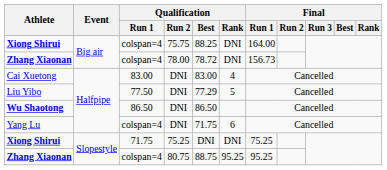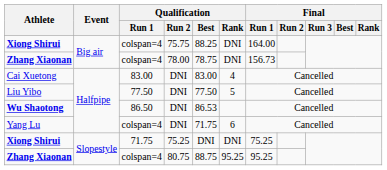 <table class=wikitable style=font-size:90%;text-align:center>
 <tr>
 <th rowspan=2>Athlete</th>
 <th rowspan=2>Event</th>
 <th colspan=4>Qualification</th>
 <th colspan=5>Final</th>
 </tr>
 <tr style=font-size:95%>
 <th>Run 1</th>
 <th>Run 2</th>
 <th>Best</th>
 <th>Rank</th>
 <th>Run 1</th>
 <th>Run 2</th>
 <th>Run 3</th>
 <th>Best</th>
 <th>Rank</th>
 </tr>
 <tr align=center>
 <td align=left><strong><a href='#'>Xiong Shirui</a></strong></td>
 <td align=left rowspan=2><a href='#'>Big air</a></td>
 <td>colspan=4 </td>
 <td>75.75</td>
 <td>88.25</td>
 <td>DNI</td>
 <td>164.00</td>
 <td></td>
 </tr>
 <tr align=center>
 <td align=left><strong><a href='#'>Zhang Xiaonan</a></strong></td>
 <td>colspan=4 </td>
 <td>78.00</td>
-<td>78.72</td>
+<td>78.75</td>
 <td>DNI</td>
 <td>156.73</td>
 <td></td>
 </tr>
 <tr align=center>
 <td align=left><a href='#'>Cai Xuetong</a></td>
 <td align=left rowspan=4><a href='#'>Halfpipe</a></td>
 <td>83.00</td>
 <td>DNI</td>
 <td>83.00</td>
 <td>4</td>
 <td colspan=5>Cancelled</td>
 </tr>
 <tr align=center>
 <td align=left><a href='#'>Liu Yibo</a></td>
 <td>77.50</td>
 <td>DNI</td>
-<td>77.29</td>
+<td>77.50</td>
 <td>5</td>
 <td colspan=5>Cancelled</td>
 </tr>
 <tr align=center>
 <td align=left><strong><a href='#'>Wu Shaotong</a></strong></td>
 <td>86.50</td>
 <td>DNI</td>
-<td>86.50</td>
+<td>86.53</td>
 <td></td>
 <td colspan=5>Cancelled</td>
 </tr>
 <tr align=center>
 <td align=left><a href='#'>Yang Lu</a></td>
 <td>colspan=4 </td>
 <td>DNI</td>
 <td>71.75</td>
 <td>6</td>
 <td colspan=5>Cancelled</td>
 </tr>
 <tr align=center>
 <td align=left><strong><a href='#'>Xiong Shirui</a></strong></td>
 <td align=left rowspan=2><a href='#'>Slopestyle</a></td>
 <td>71.75</td>
 <td>75.25</td>
 <td>DNI</td>
 <td>DNI</td>
 <td>75.25</td>
 <td></td>
 </tr>
 <tr align=center>
 <td align=left><strong><a href='#'>Zhang Xiaonan</a></strong></td>
 <td>colspan=4 </td>
 <td>80.75</td>
 <td>88.75</td>
 <td>95.25</td>
 <td>95.25</td>
 <td></td>
 </tr>
 </table>
